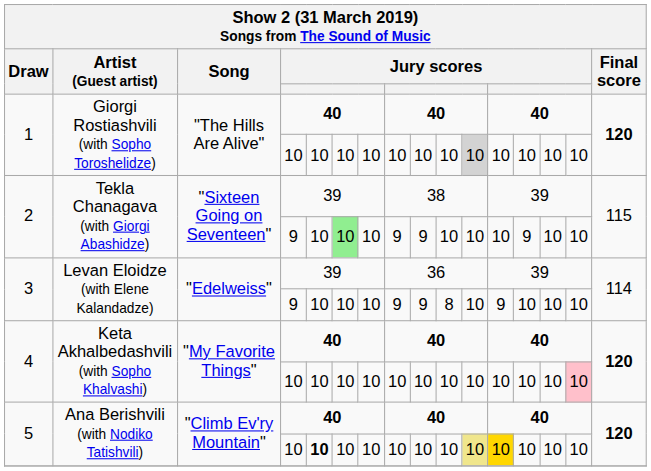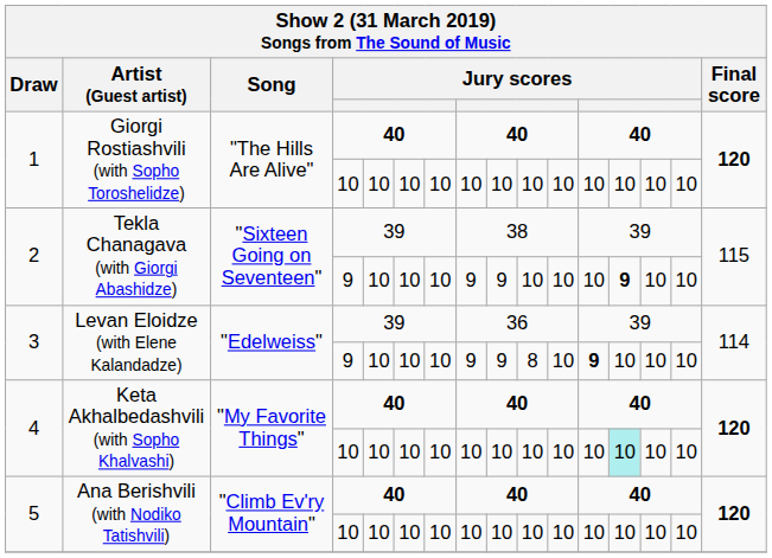 <table class="sortable wikitable" style="text-align:center;margin:1em auto 1em auto">
 <tr>
 <th colspan=16>Show 2 (31 March 2019)<br><small>Songs from <a href='#'>The Sound of Music</a></small></th>
 </tr>
 <tr>
 <th rowspan="2">Draw</th>
 <th rowspan="2">Artist<br><small>(Guest artist)</small></th>
 <th rowspan="2">Song</th>
 <th colspan="12">Jury scores</th>
 <th rowspan="2">Final score</th>
 </tr>
 <tr>
 <th colspan="4"><small></small></th>
 <th colspan="4"><small></small></th>
 <th colspan="4"><small></small></th>
 </tr>
 <tr>
 <td rowspan=2>1</td>
 <td rowspan=2>Giorgi Rostiashvili<br><small>(with <a href='#'>Sopho Toroshelidze</a>)</small></td>
 <td rowspan=2>"The Hills Are Alive"</td>
 <td colspan=4><strong>40</strong></td>
 <td colspan=4><strong>40</strong></td>
 <td colspan=4><strong>40</strong></td>
 <td rowspan=2><strong>120</strong></td>
 </tr>
 <tr>
 <td>10</td>
 <td>10</td>
 <td>10</td>
 <td>10</td>
 <td>10</td>
 <td>10</td>
 <td>10</td>
-<td style="background: lightgrey;">10</td>
+<td>10</td>
 <td>10</td>
 <td>10</td>
 <td>10</td>
 <td>10</td>
 </tr>
 <tr>
 <td rowspan=2>2</td>
 <td rowspan=2>Tekla Chanagava<br><small>(with <a href='#'>Giorgi Abashidze</a>)</small></td>
 <td rowspan=2>"<a href='#'>Sixteen Going on Seventeen</a>"</td>
 <td colspan=4>39</td>
 <td colspan=4>38</td>
 <td colspan=4>39</td>
 <td rowspan=2>115</td>
 </tr>
 <tr>
 <td>9</td>
 <td>10</td>
-<td style="background: lightgreen;">10</td>
+<td>10</td>
 <td>10</td>
 <td>9</td>
 <td>9</td>
 <td>10</td>
 <td>10</td>
 <td>10</td>
-<td>9</td>
+<td><strong>9</strong></td>
 <td>10</td>
 <td>10</td>
 </tr>
 <tr>
 <td rowspan=2>3</td>
 <td rowspan=2>Levan Eloidze<br><small>(with Elene Kalandadze)</small></td>
 <td rowspan=2>"<a href='#'>Edelweiss</a>"</td>
 <td colspan=4>39</td>
 <td colspan=4>36</td>
 <td colspan=4>39</td>
 <td rowspan=2>114</td>
 </tr>
 <tr>
 <td>9</td>
 <td>10</td>
 <td>10</td>
 <td>10</td>
 <td>9</td>
 <td>9</td>
 <td>8</td>
 <td>10</td>
-<td>9</td>
+<td><strong>9</strong></td>
 <td>10</td>
 <td>10</td>
 <td>10</td>
 </tr>
 <tr>
 <td rowspan=2>4</td>
 <td rowspan=2>Keta Akhalbedashvili<br><small>(with <a href='#'>Sopho Khalvashi</a>)</small></td>
 <td rowspan=2>"<a href='#'>My Favorite Things</a>"</td>
 <td colspan=4><strong>40</strong></td>
 <td colspan=4><strong>40</strong></td>
 <td colspan=4><strong>40</strong></td>
 <td rowspan=2><strong>120</strong></td>
 </tr>
 <tr>
 <td>10</td>
 <td>10</td>
 <td>10</td>
 <td>10</td>
 <td>10</td>
 <td>10</td>
 <td>10</td>
 <td>10</td>
 <td>10</td>
+<td style="background: paleturquoise;">10</td>
 <td>10</td>
 <td>10</td>
-<td style="background: pink;">10</td>
 </tr>
 <tr>
 <td rowspan=2>5</td>
 <td rowspan=2>Ana Berishvili<br><small>(with <a href='#'>Nodiko Tatishvili</a>)</small></td>
 <td rowspan=2>"<a href='#'>Climb Ev'ry Mountain</a>"</td>
 <td colspan=4><strong>40</strong></td>
 <td colspan=4><strong>40</strong></td>
 <td colspan=4><strong>40</strong></td>
 <td rowspan=2><strong>120</strong></td>
 </tr>
 <tr>
 <td>10</td>
-<td><strong>10</strong></td>
 <td>10</td>
 <td>10</td>
 <td>10</td>
 <td>10</td>
 <td>10</td>
-<td style="background: khaki;">10</td>
-<td style="background: gold;">10</td>
+<td>10</td>
+<td>10</td>
+<td>10</td>
 <td>10</td>
 <td>10</td>
 <td>10</td>
 </tr>
 <tr>
 </tr>
 </table>
